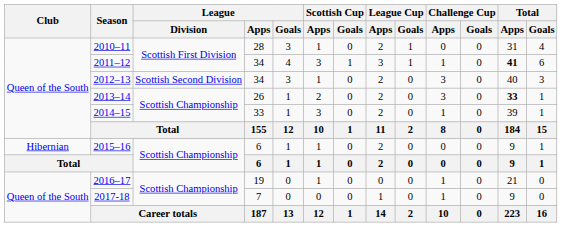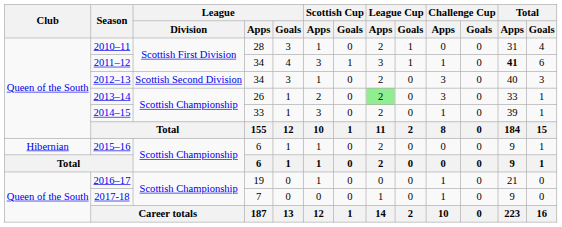 <table class="wikitable" style="text-align: center;">
 <tr>
 <th rowspan="2">Club</th>
 <th rowspan="2">Season</th>
 <th colspan="3">League</th>
 <th colspan="2">Scottish Cup</th>
 <th colspan="2">League Cup</th>
 <th colspan="2">Challenge Cup</th>
 <th colspan="2">Total</th>
 </tr>
 <tr>
 <th>Division</th>
 <th>Apps</th>
 <th>Goals</th>
 <th>Apps</th>
 <th>Goals</th>
 <th>Apps</th>
 <th>Goals</th>
 <th>Apps</th>
 <th>Goals</th>
 <th>Apps</th>
 <th>Goals</th>
 </tr>
 <tr>
 <td rowspan="6" valign="center"><a href='#'>Queen of the South</a></td>
 <td><a href='#'>2010–11</a></td>
 <td rowspan="2"><a href='#'>Scottish First Division</a></td>
 <td>28</td>
 <td>3</td>
 <td>1</td>
 <td>0</td>
 <td>2</td>
 <td>1</td>
 <td>0</td>
 <td>0</td>
 <td>31</td>
 <td>4</td>
 </tr>
 <tr>
 <td><a href='#'>2011–12</a></td>
 <td>34</td>
 <td>4</td>
 <td>3</td>
 <td>1</td>
 <td>3</td>
 <td>1</td>
 <td>1</td>
 <td>0</td>
 <td><strong>41</strong></td>
 <td>6</td>
 </tr>
 <tr>
 <td><a href='#'>2012–13</a></td>
 <td><a href='#'>Scottish Second Division</a></td>
 <td>34</td>
 <td>3</td>
 <td>1</td>
 <td>0</td>
 <td>2</td>
 <td>0</td>
 <td>3</td>
 <td>0</td>
 <td>40</td>
 <td>3</td>
 </tr>
 <tr>
 <td><a href='#'>2013–14</a></td>
 <td rowspan="2"><a href='#'>Scottish Championship</a></td>
 <td>26</td>
 <td>1</td>
 <td>2</td>
 <td>0</td>
-<td>2</td>
+<td style="background: lightgreen;">2</td>
 <td>0</td>
 <td>3</td>
 <td>0</td>
-<td><strong>33</strong></td>
+<td>33</td>
 <td>1</td>
 </tr>
 <tr>
 <td><a href='#'>2014–15</a></td>
 <td>33</td>
 <td>1</td>
 <td>3</td>
 <td>0</td>
 <td>2</td>
 <td>0</td>
 <td>1</td>
 <td>0</td>
 <td>39</td>
 <td>1</td>
 </tr>
 <tr>
 <th colspan="2">Total</th>
 <th>155</th>
 <th>12</th>
 <th>10</th>
 <th>1</th>
 <th>11</th>
 <th>2</th>
 <th>8</th>
 <th>0</th>
 <th>184</th>
 <th>15</th>
 </tr>
 <tr>
 <td rowspan="1" valign="center"><a href='#'>Hibernian</a></td>
 <td><a href='#'>2015–16</a></td>
 <td rowspan="2"><a href='#'>Scottish Championship</a></td>
 <td>6</td>
 <td>1</td>
 <td>1</td>
 <td>0</td>
 <td>2</td>
 <td>0</td>
 <td>0</td>
 <td>0</td>
 <td>9</td>
 <td>1</td>
 </tr>
 <tr>
 <th colspan="2">Total</th>
 <th>6</th>
 <th>1</th>
 <th>1</th>
 <th>0</th>
 <th>2</th>
 <th>0</th>
 <th>0</th>
 <th>0</th>
 <th>9</th>
 <th>1</th>
 </tr>
 <tr>
 <td rowspan="3" valign="center"><a href='#'>Queen of the South</a></td>
 <td><a href='#'>2016–17</a></td>
 <td rowspan="2"><a href='#'>Scottish Championship</a></td>
 <td>19</td>
 <td>0</td>
 <td>1</td>
 <td>0</td>
 <td>0</td>
 <td>0</td>
 <td>1</td>
 <td>0</td>
 <td>21</td>
 <td>0</td>
 </tr>
 <tr>
 <td><a href='#'>2017-18</a></td>
 <td>7</td>
 <td>0</td>
 <td>0</td>
 <td>0</td>
 <td>1</td>
 <td>0</td>
 <td>1</td>
 <td>0</td>
 <td>9</td>
 <td>0</td>
 </tr>
 <tr>
 <th colspan="2">Career totals</th>
 <th>187</th>
 <th>13</th>
 <th>12</th>
 <th>1</th>
 <th>14</th>
 <th>2</th>
 <th>10</th>
 <th>0</th>
 <th>223</th>
 <th>16</th>
 </tr>
 </table>
